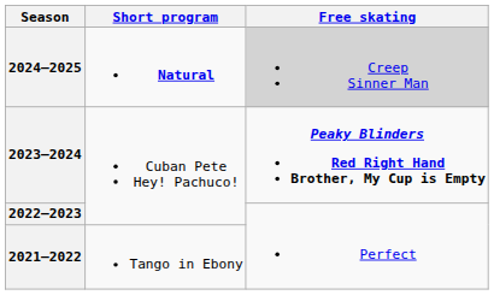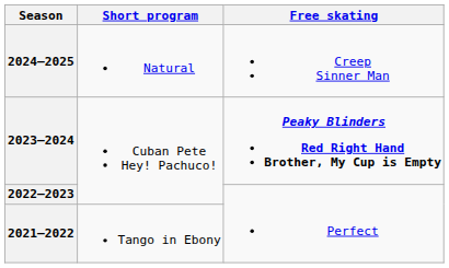 <table class="wikitable" style="text-align:center">
 <tr>
 <th>Season</th>
 <th><a href='#'>Short program</a></th>
 <th><a href='#'>Free skating</a></th>
 </tr>
 <tr>
 <th>2024–2025 <br> </th>
-<td><strong><br><ul><li><a href='#'>Natural</a> <br> </li></ul></strong></td>
-<td style="background: lightgrey;"><br><ul><li><a href='#'>Creep</a></li><li><a href='#'>Sinner Man</a> <br> </li></ul></td>
+<td><br><ul><li><a href='#'>Natural</a> <br> </li></ul></td>
+<td><br><ul><li><a href='#'>Creep</a></li><li><a href='#'>Sinner Man</a> <br> </li></ul></td>
 </tr>
 <tr>
 <th>2023–2024 <br> </th>
 <td rowspan=2><br><ul><li>Cuban Pete <br> </li><li>Hey! Pachuco! <br> </li></ul></td>
 <td><strong><br><em><a href='#'>Peaky Blinders</a></em><ul><li><a href='#'>Red Right Hand</a></li><li>Brother, My Cup is Empty <br> </li></ul></strong></td>
 </tr>
 <tr>
 <th>2022–2023 <br> </th>
 <td rowspan=2><br><ul><li><a href='#'>Perfect</a> <br> </li></ul></td>
 </tr>
 <tr>
 <th>2021–2022 <br> </th>
 <td><br><ul><li>Tango in Ebony <br> </li></ul></td>
 </tr>
 </table>
